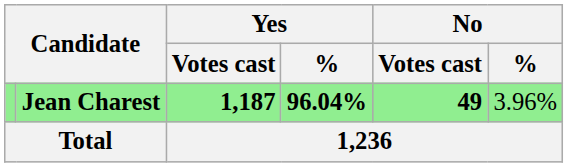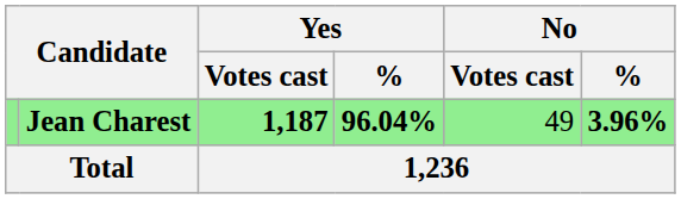 <table class="wikitable">
 <tr>
 <th rowspan="2" colspan="2">Candidate</th>
 <th colspan="2">Yes</th>
 <th colspan="2">No</th>
 </tr>
 <tr>
 <th>Votes cast</th>
 <th>%</th>
 <th>Votes cast</th>
 <th>%</th>
 </tr>
 <tr style="background:lightgreen;">
 <td></td>
 <td><strong>Jean Charest</strong></td>
 <td align="right"><strong>1,187</strong></td>
 <td align="right"><strong>96.04%</strong></td>
-<td align="right"><strong>49</strong></td>
-<td align="right">3.96%</td>
+<td align="right">49</td>
+<td align="right"><strong>3.96%</strong></td>
 </tr>
 <tr>
 <th colspan="2">Total</th>
 <th colspan="4">1,236</th>
 </tr>
 </table>
